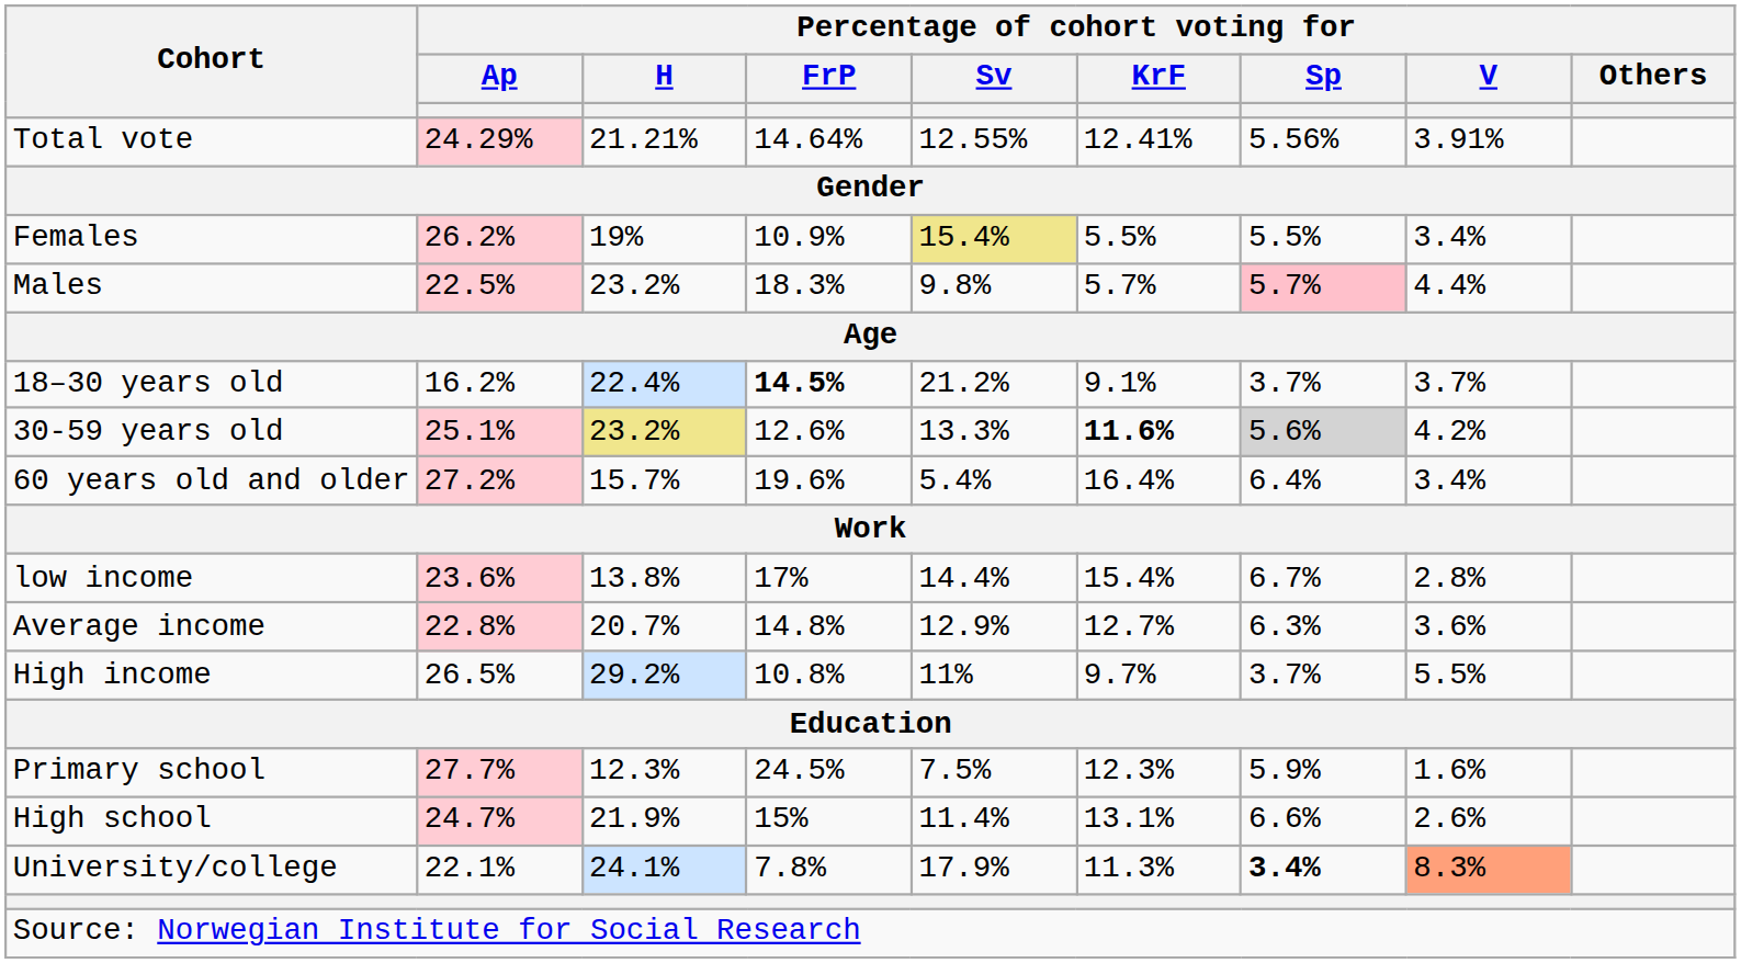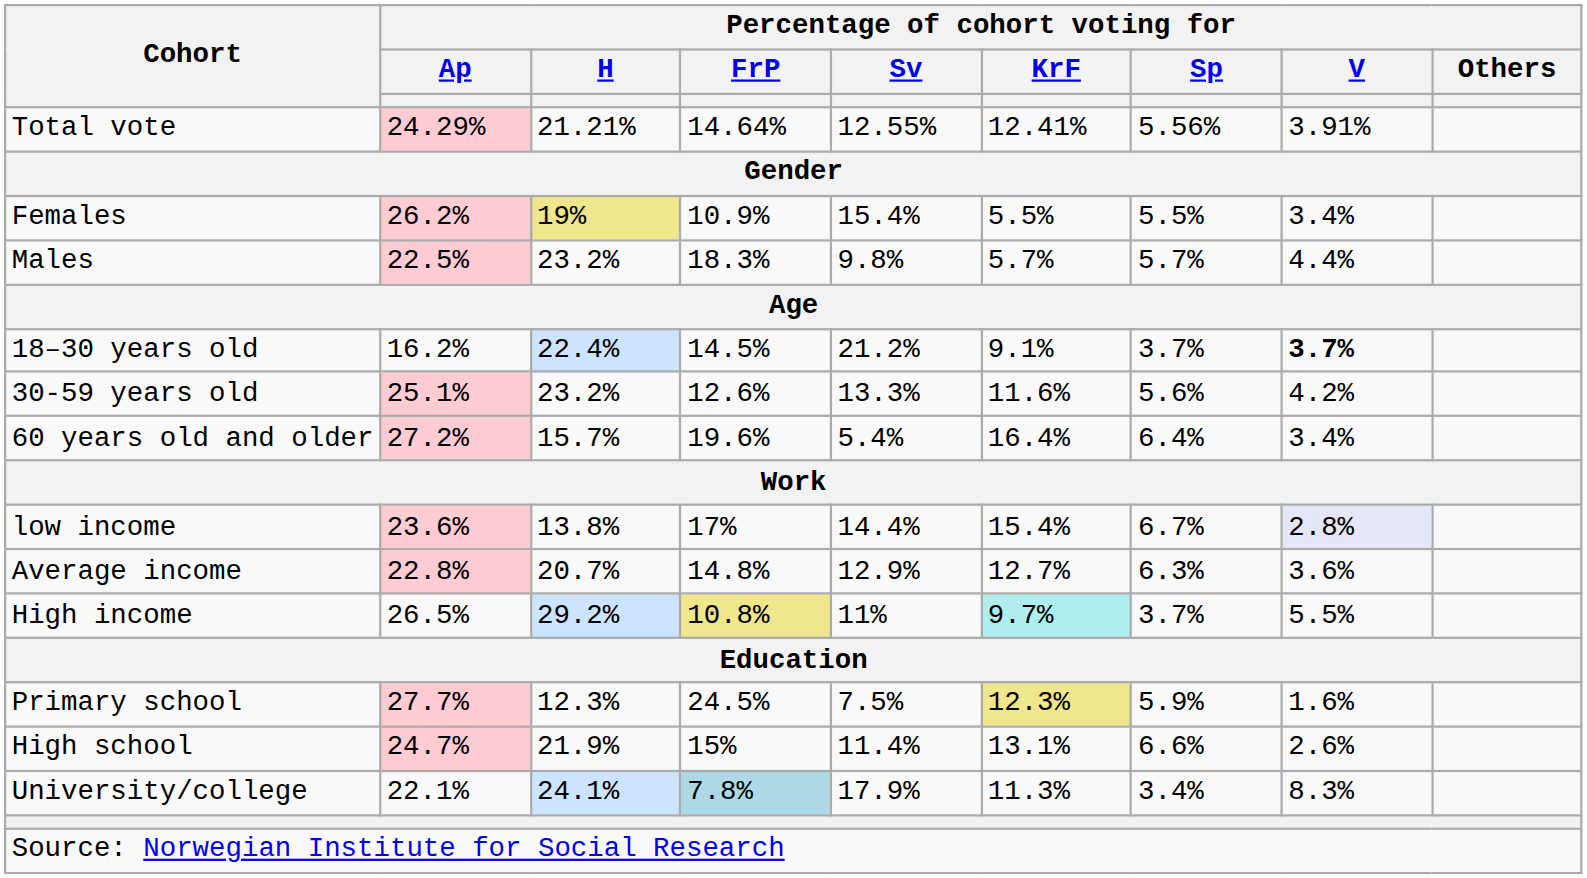 <table class="wikitable" style="font-size:95%;">
 <tr>
 <th rowspan="3">Cohort</th>
 <th colspan="8">Percentage of cohort voting for</th>
 </tr>
 <tr>
 <th scope="col" style="width:5em;"><a href='#'>Ap</a></th>
 <th scope="col" style="width:5em;"><a href='#'>H</a></th>
 <th scope="col" style="width:5em;"><a href='#'>FrP</a></th>
 <th scope="col" style="width:5em;"><a href='#'>Sv</a></th>
 <th scope="col" style="width:5em;"><a href='#'>KrF</a></th>
 <th scope="col" style="width:5em;"><a href='#'>Sp</a></th>
 <th scope="col" style="width:5em;"><a href='#'>V</a></th>
 <th scope="col" style="width:5em;">Others</th>
 </tr>
 <tr>
 <th style="background:"></th>
 <th style="background:"></th>
 <th style="background:"></th>
 <th style="background:"></th>
 <th style="background:"></th>
 <th style="background:"></th>
 <th style="background:"></th>
 <th style="background:"></th>
 </tr>
 <tr>
 <td>Total vote</td>
 <td style="background:#ffccd4;">24.29%</td>
 <td>21.21%</td>
 <td>14.64%</td>
 <td>12.55%</td>
 <td>12.41%</td>
 <td>5.56%</td>
 <td>3.91%</td>
 <td></td>
 </tr>
 <tr>
 <th colspan="9">Gender</th>
 </tr>
 <tr>
 <td>Females</td>
 <td style="background:#ffccd4;">26.2%</td>
-<td>19%</td>
+<td style="background: khaki;">19%</td>
 <td>10.9%</td>
-<td style="background: khaki;">15.4%</td>
+<td>15.4%</td>
 <td>5.5%</td>
 <td>5.5%</td>
 <td>3.4%</td>
 <td></td>
 </tr>
 <tr>
 <td>Males</td>
 <td style="background:#ffccd4;">22.5%</td>
 <td>23.2%</td>
 <td>18.3%</td>
 <td>9.8%</td>
 <td>5.7%</td>
-<td style="background: pink;">5.7%</td>
+<td>5.7%</td>
 <td>4.4%</td>
 <td></td>
 </tr>
 <tr>
 <th colspan="9">Age</th>
 </tr>
 <tr>
 <td>18–30 years old</td>
 <td>16.2%</td>
 <td style="background:#cce4ff;">22.4%</td>
-<td><strong>14.5%</strong></td>
+<td>14.5%</td>
 <td>21.2%</td>
 <td>9.1%</td>
 <td>3.7%</td>
-<td>3.7%</td>
+<td><strong>3.7%</strong></td>
 <td></td>
 </tr>
 <tr>
 <td>30-59 years old</td>
 <td style="background:#ffccd4;">25.1%</td>
-<td style="background: khaki;">23.2%</td>
+<td>23.2%</td>
 <td>12.6%</td>
 <td>13.3%</td>
-<td><strong>11.6%</strong></td>
-<td style="background: lightgrey;">5.6%</td>
+<td>11.6%</td>
+<td>5.6%</td>
 <td>4.2%</td>
 <td></td>
 </tr>
 <tr>
 <td>60 years old and older</td>
 <td style="background:#ffccd4;">27.2%</td>
 <td>15.7%</td>
 <td>19.6%</td>
 <td>5.4%</td>
 <td>16.4%</td>
 <td>6.4%</td>
 <td>3.4%</td>
 <td></td>
 </tr>
 <tr>
 <th colspan="9">Work</th>
 </tr>
 <tr>
 <td>low income</td>
 <td style="background:#ffccd4;">23.6%</td>
 <td>13.8%</td>
 <td>17%</td>
 <td>14.4%</td>
 <td>15.4%</td>
 <td>6.7%</td>
-<td>2.8%</td>
+<td style="background: lavender;">2.8%</td>
 <td></td>
 </tr>
 <tr>
 <td>Average income</td>
 <td style="background:#ffccd4;">22.8%</td>
 <td>20.7%</td>
 <td>14.8%</td>
 <td>12.9%</td>
 <td>12.7%</td>
 <td>6.3%</td>
 <td>3.6%</td>
 <td></td>
 </tr>
 <tr>
 <td>High income</td>
 <td>26.5%</td>
 <td style="background:#cce4ff;">29.2%</td>
-<td>10.8%</td>
+<td style="background: khaki;">10.8%</td>
 <td>11%</td>
-<td>9.7%</td>
+<td style="background: paleturquoise;">9.7%</td>
 <td>3.7%</td>
 <td>5.5%</td>
 <td></td>
 </tr>
 <tr>
 <th colspan="9">Education</th>
 </tr>
 <tr>
 <td>Primary school</td>
 <td style="background:#ffccd4;">27.7%</td>
 <td>12.3%</td>
 <td>24.5%</td>
 <td>7.5%</td>
-<td>12.3%</td>
+<td style="background: khaki;">12.3%</td>
 <td>5.9%</td>
 <td>1.6%</td>
 <td></td>
 </tr>
 <tr>
 <td>High school</td>
 <td style="background:#ffccd4;">24.7%</td>
 <td>21.9%</td>
 <td>15%</td>
 <td>11.4%</td>
 <td>13.1%</td>
 <td>6.6%</td>
 <td>2.6%</td>
 <td></td>
 </tr>
 <tr>
 <td>University/college</td>
 <td>22.1%</td>
 <td style="background:#cce4ff;">24.1%</td>
-<td>7.8%</td>
+<td style="background: lightblue;">7.8%</td>
 <td>17.9%</td>
 <td>11.3%</td>
-<td><strong>3.4%</strong></td>
-<td style="background: lightsalmon;">8.3%</td>
+<td>3.4%</td>
+<td>8.3%</td>
 <td></td>
 </tr>
 <tr>
 <th colspan="11!"></th>
 </tr>
 <tr>
 <td colspan="9">Source: <a href='#'>Norwegian Institute for Social Research</a></td>
 </tr>
 </table>
